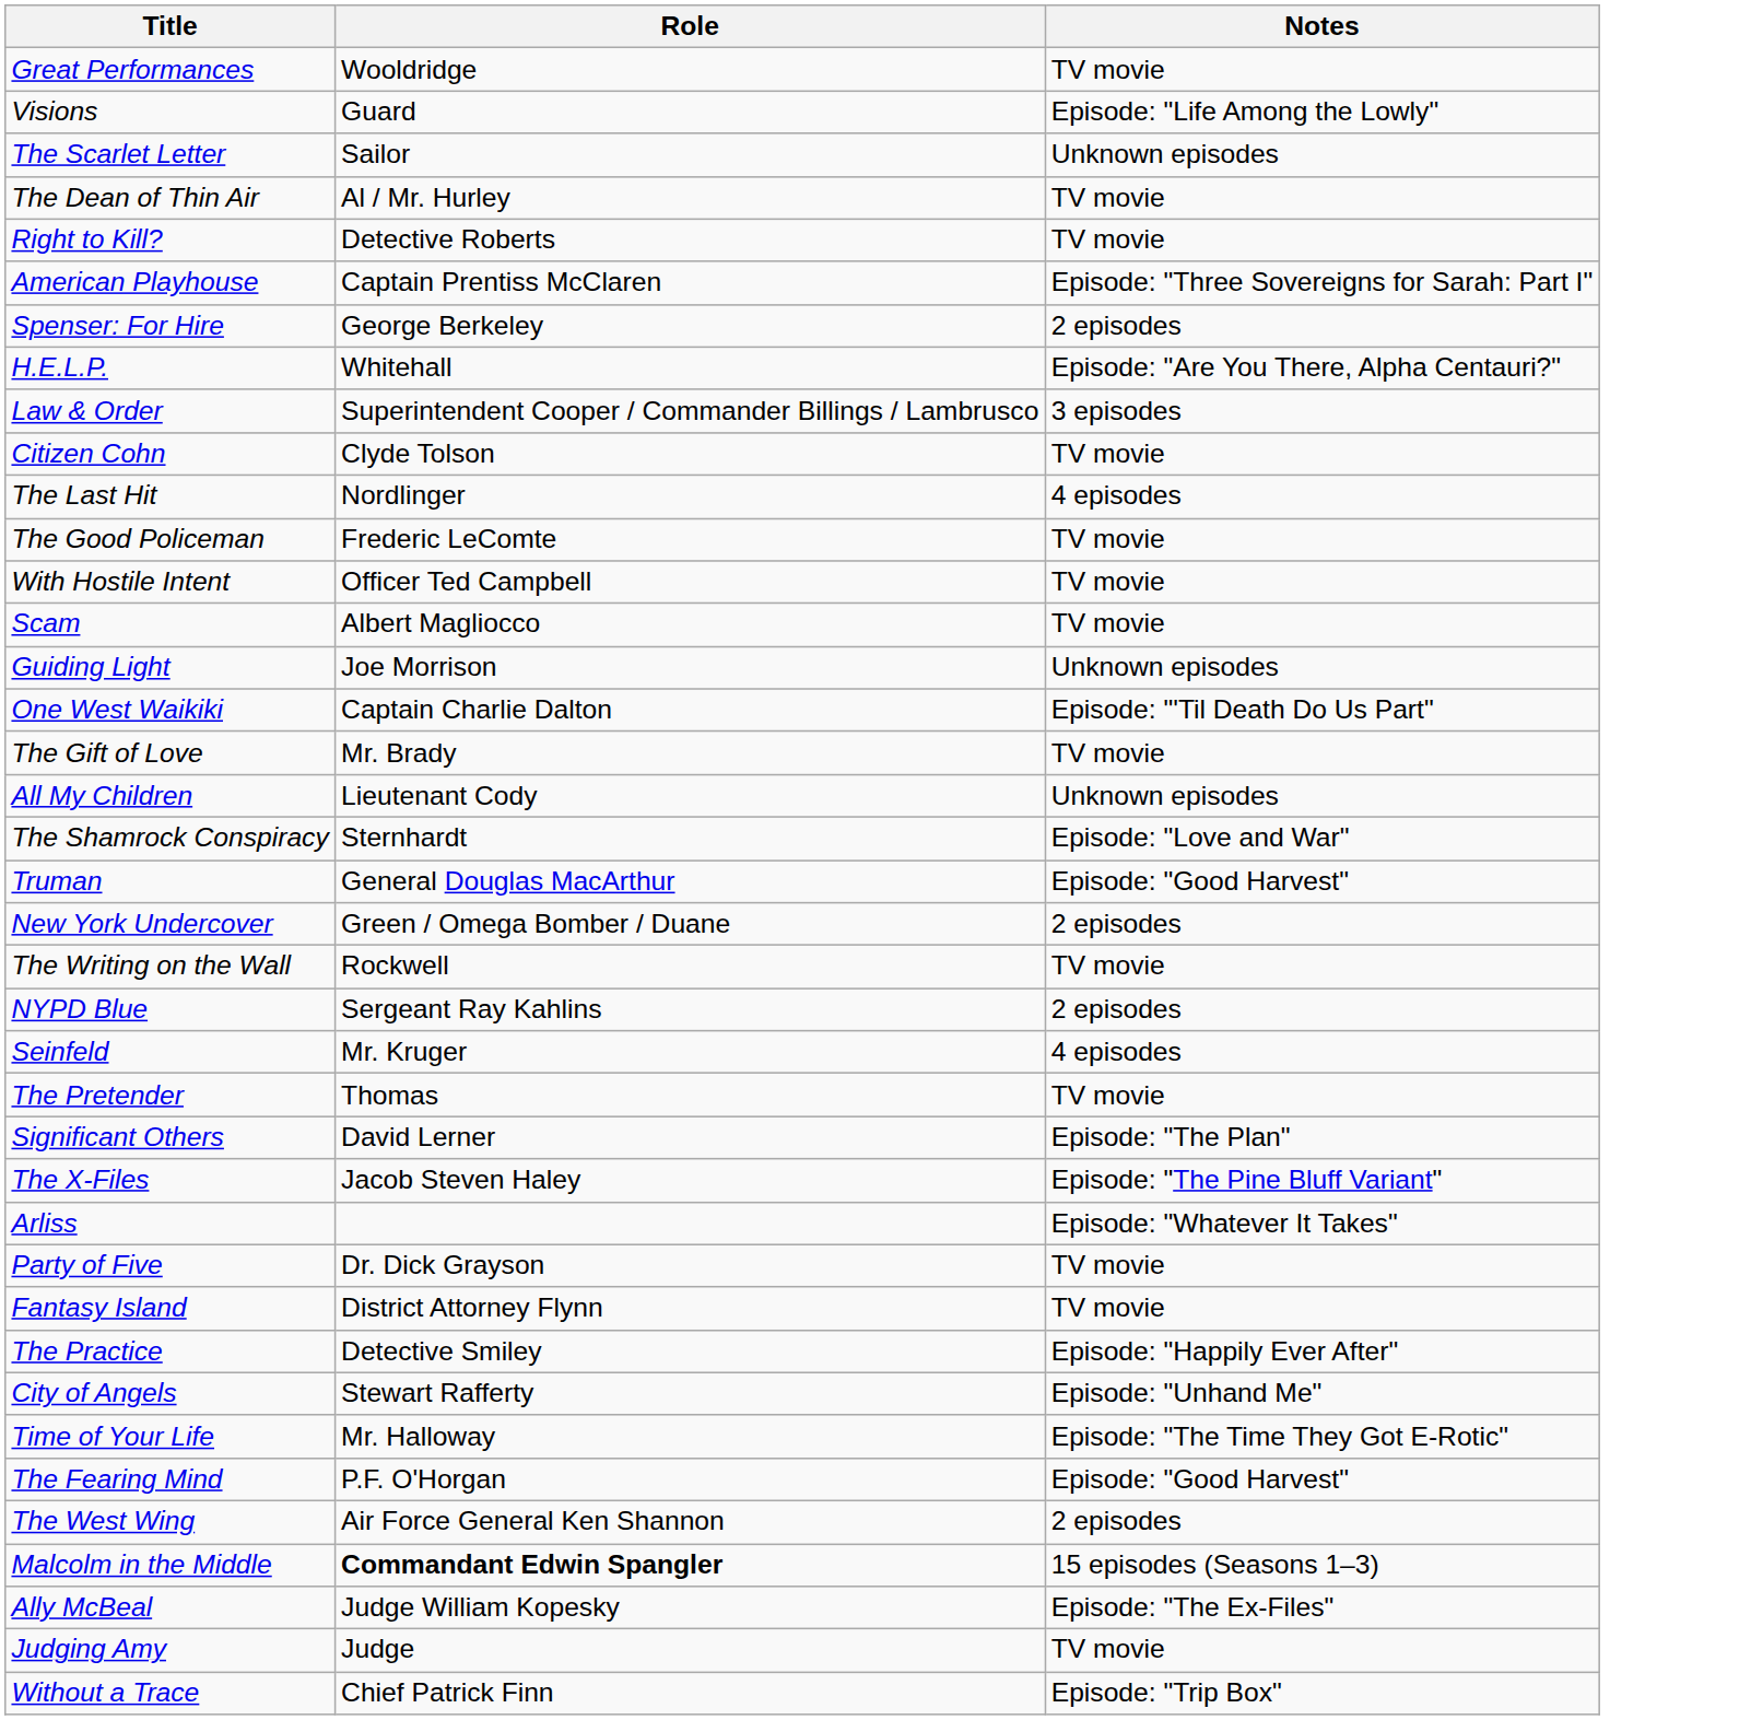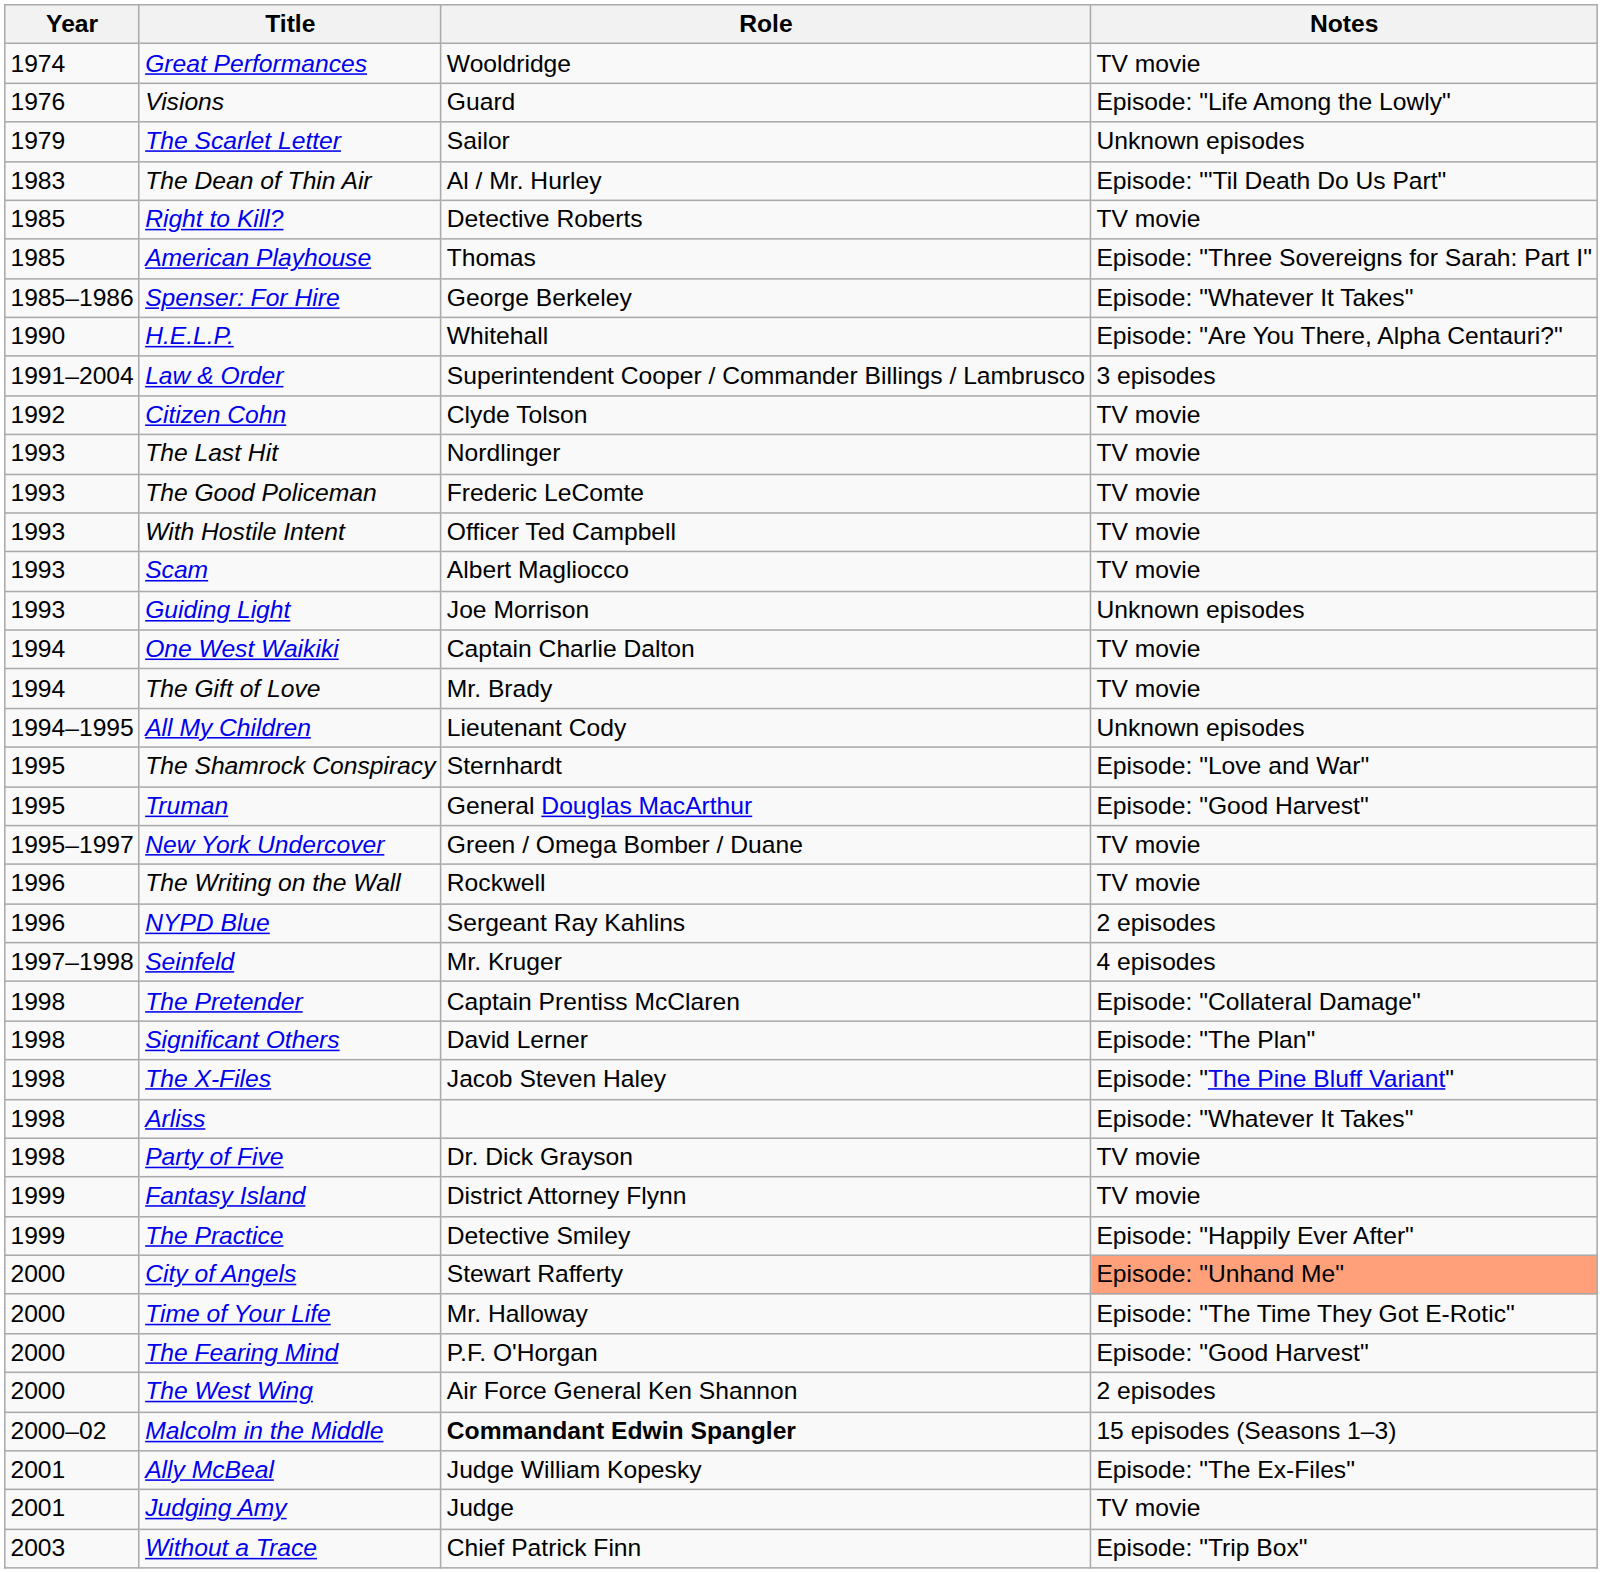 <table class="wikitable sortable">
 <tr>
+<th>Year</th>
 <th>Title</th>
 <th>Role</th>
 <th class="unsortable">Notes</th>
 </tr>
 <tr>
+<td>1974</td>
 <td><em><a href='#'>Great Performances</a></em></td>
 <td>Wooldridge</td>
 <td>TV movie</td>
 </tr>
 <tr>
+<td>1976</td>
 <td><em>Visions</em></td>
 <td>Guard</td>
 <td>Episode: "Life Among the Lowly"</td>
 </tr>
 <tr>
+<td>1979</td>
 <td data-sort-value="Scarlet Letter, The"><em><a href='#'>The Scarlet Letter</a></em></td>
 <td>Sailor</td>
 <td>Unknown episodes</td>
 </tr>
 <tr>
+<td>1983</td>
 <td data-sort-value="Dean of Thin Air, The"><em>The Dean of Thin Air</em></td>
 <td>Al / Mr. Hurley</td>
-<td>TV movie</td>
+<td>Episode: "'Til Death Do Us Part"</td>
 </tr>
 <tr>
+<td>1985</td>
 <td><em><a href='#'>Right to Kill?</a></em></td>
 <td>Detective Roberts</td>
 <td>TV movie</td>
 </tr>
 <tr>
+<td>1985</td>
 <td><em><a href='#'>American Playhouse</a></em></td>
-<td>Captain Prentiss McClaren</td>
+<td>Thomas</td>
 <td>Episode: "Three Sovereigns for Sarah: Part I"</td>
 </tr>
 <tr>
+<td>1985–1986</td>
 <td><em><a href='#'>Spenser: For Hire</a></em></td>
 <td>George Berkeley</td>
-<td>2 episodes</td>
+<td>Episode: "Whatever It Takes"</td>
 </tr>
 <tr>
+<td>1990</td>
 <td><em><a href='#'>H.E.L.P.</a></em></td>
 <td>Whitehall</td>
 <td>Episode: "Are You There, Alpha Centauri?"</td>
 </tr>
 <tr>
+<td>1991–2004</td>
 <td><em><a href='#'>Law & Order</a></em></td>
 <td>Superintendent Cooper / Commander Billings / Lambrusco</td>
 <td>3 episodes</td>
 </tr>
 <tr>
+<td>1992</td>
 <td><em><a href='#'>Citizen Cohn</a></em></td>
 <td>Clyde Tolson</td>
 <td>TV movie</td>
 </tr>
 <tr>
+<td>1993</td>
 <td data-sort-value="Last Hit, The"><em>The Last Hit</em></td>
 <td>Nordlinger</td>
-<td>4 episodes</td>
+<td>TV movie</td>
 </tr>
 <tr>
+<td>1993</td>
 <td data-sort-value="Good Policeman, The"><em>The Good Policeman</em></td>
 <td>Frederic LeComte</td>
 <td>TV movie</td>
 </tr>
 <tr>
+<td>1993</td>
 <td><em>With Hostile Intent</em></td>
 <td>Officer Ted Campbell</td>
 <td>TV movie</td>
 </tr>
 <tr>
+<td>1993</td>
 <td><em><a href='#'>Scam</a></em></td>
 <td>Albert Magliocco</td>
 <td>TV movie</td>
 </tr>
 <tr>
+<td>1993</td>
 <td><em><a href='#'>Guiding Light</a></em></td>
 <td>Joe Morrison</td>
 <td>Unknown episodes</td>
 </tr>
 <tr>
+<td>1994</td>
 <td><em><a href='#'>One West Waikiki</a></em></td>
 <td>Captain Charlie Dalton</td>
-<td>Episode: "'Til Death Do Us Part"</td>
+<td>TV movie</td>
 </tr>
 <tr>
+<td>1994</td>
 <td data-sort-value="Gift of Love, The"><em>The Gift of Love</em></td>
 <td>Mr. Brady</td>
 <td>TV movie</td>
 </tr>
 <tr>
+<td>1994–1995</td>
 <td><em><a href='#'>All My Children</a></em></td>
 <td>Lieutenant Cody</td>
 <td>Unknown episodes</td>
 </tr>
 <tr>
+<td>1995</td>
 <td data-sort-value="Shamrock Conspiracy, The"><em>The Shamrock Conspiracy</em></td>
 <td>Sternhardt</td>
 <td>Episode: "Love and War"</td>
 </tr>
 <tr>
+<td>1995</td>
 <td><em><a href='#'>Truman</a></em></td>
 <td>General <a href='#'>Douglas MacArthur</a></td>
 <td>Episode: "Good Harvest"</td>
 </tr>
 <tr>
+<td>1995–1997</td>
 <td><em><a href='#'>New York Undercover</a></em></td>
 <td>Green / Omega Bomber / Duane</td>
-<td>2 episodes</td>
+<td>TV movie</td>
 </tr>
 <tr>
+<td>1996</td>
 <td data-sort-value="Writing on the Wall, The"><em>The Writing on the Wall</em></td>
 <td>Rockwell</td>
 <td>TV movie</td>
 </tr>
 <tr>
+<td>1996</td>
 <td><em><a href='#'>NYPD Blue</a></em></td>
 <td>Sergeant Ray Kahlins</td>
 <td>2 episodes</td>
 </tr>
 <tr>
+<td>1997–1998</td>
 <td><em><a href='#'>Seinfeld</a></em></td>
 <td>Mr. Kruger</td>
 <td>4 episodes</td>
 </tr>
 <tr>
+<td>1998</td>
 <td data-sort-value="Pretender, The"><em><a href='#'>The Pretender</a></em></td>
-<td>Thomas</td>
-<td>TV movie</td>
+<td>Captain Prentiss McClaren</td>
+<td>Episode: "Collateral Damage"</td>
 </tr>
 <tr>
+<td>1998</td>
 <td><em><a href='#'>Significant Others</a></em></td>
 <td>David Lerner</td>
 <td>Episode: "The Plan"</td>
 </tr>
 <tr>
+<td>1998</td>
 <td data-sort-value="X-Files, The"><em><a href='#'>The X-Files</a></em></td>
 <td>Jacob Steven Haley</td>
 <td>Episode: "<a href='#'>The Pine Bluff Variant</a>"</td>
 </tr>
 <tr>
+<td>1998</td>
 <td><em><a href='#'>Arliss</a></em></td>
 <td></td>
 <td>Episode: "Whatever It Takes"</td>
 </tr>
 <tr>
+<td>1998</td>
 <td><em><a href='#'>Party of Five</a></em></td>
 <td>Dr. Dick Grayson</td>
 <td>TV movie</td>
 </tr>
 <tr>
+<td>1999</td>
 <td><em><a href='#'>Fantasy Island</a></em></td>
 <td>District Attorney Flynn</td>
 <td>TV movie</td>
 </tr>
 <tr>
+<td>1999</td>
 <td data-sort-value="Practice, The"><em><a href='#'>The Practice</a></em></td>
 <td>Detective Smiley</td>
 <td>Episode: "Happily Ever After"</td>
 </tr>
 <tr>
+<td>2000</td>
 <td><em><a href='#'>City of Angels</a></em></td>
 <td>Stewart Rafferty</td>
-<td>Episode: "Unhand Me"</td>
+<td style="background: lightsalmon;">Episode: "Unhand Me"</td>
 </tr>
 <tr>
+<td>2000</td>
 <td><em><a href='#'>Time of Your Life</a></em></td>
 <td>Mr. Halloway</td>
 <td>Episode: "The Time They Got E-Rotic"</td>
 </tr>
 <tr>
+<td>2000</td>
 <td data-sort-value="Fearing Mind, The"><em><a href='#'>The Fearing Mind</a></em></td>
 <td>P.F. O'Horgan</td>
 <td>Episode: "Good Harvest"</td>
 </tr>
 <tr>
+<td>2000</td>
 <td data-sort-value="West Wing, The"><em><a href='#'>The West Wing</a></em></td>
 <td>Air Force General Ken Shannon</td>
 <td>2 episodes</td>
 </tr>
 <tr>
+<td>2000–02</td>
 <td><em><a href='#'>Malcolm in the Middle</a></em></td>
 <td><strong>Commandant Edwin Spangler</strong></td>
 <td>15 episodes (Seasons 1–3)</td>
 </tr>
 <tr>
+<td>2001</td>
 <td><em><a href='#'>Ally McBeal</a></em></td>
 <td>Judge William Kopesky</td>
 <td>Episode: "The Ex-Files"</td>
 </tr>
 <tr>
+<td>2001</td>
 <td><em><a href='#'>Judging Amy</a></em></td>
 <td>Judge</td>
 <td>TV movie</td>
 </tr>
 <tr>
+<td>2003</td>
 <td><em><a href='#'>Without a Trace</a></em></td>
 <td>Chief Patrick Finn</td>
 <td>Episode: "Trip Box"</td>
 </tr>
 </table>
